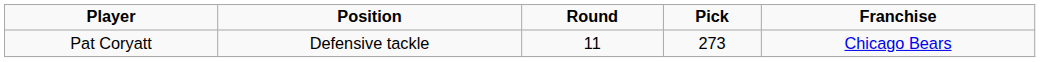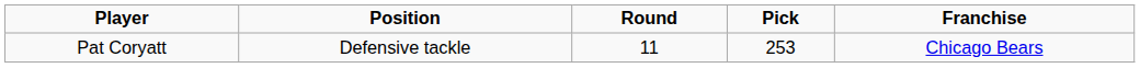 <table class="wikitable" width="80%">
 <tr align="center">
 <td><strong>Player</strong></td>
 <td><strong>Position</strong></td>
 <td><strong>Round</strong></td>
 <td><strong>Pick</strong></td>
 <td><strong>Franchise</strong></td>
 </tr>
 <tr align="center" bgcolor="">
 <td>Pat Coryatt</td>
 <td>Defensive tackle</td>
 <td>11</td>
-<td>273</td>
+<td>253</td>
 <td><a href='#'>Chicago Bears</a></td>
 </tr>
 <tr align="center" bgcolor="">
 </tr>
 </table>
